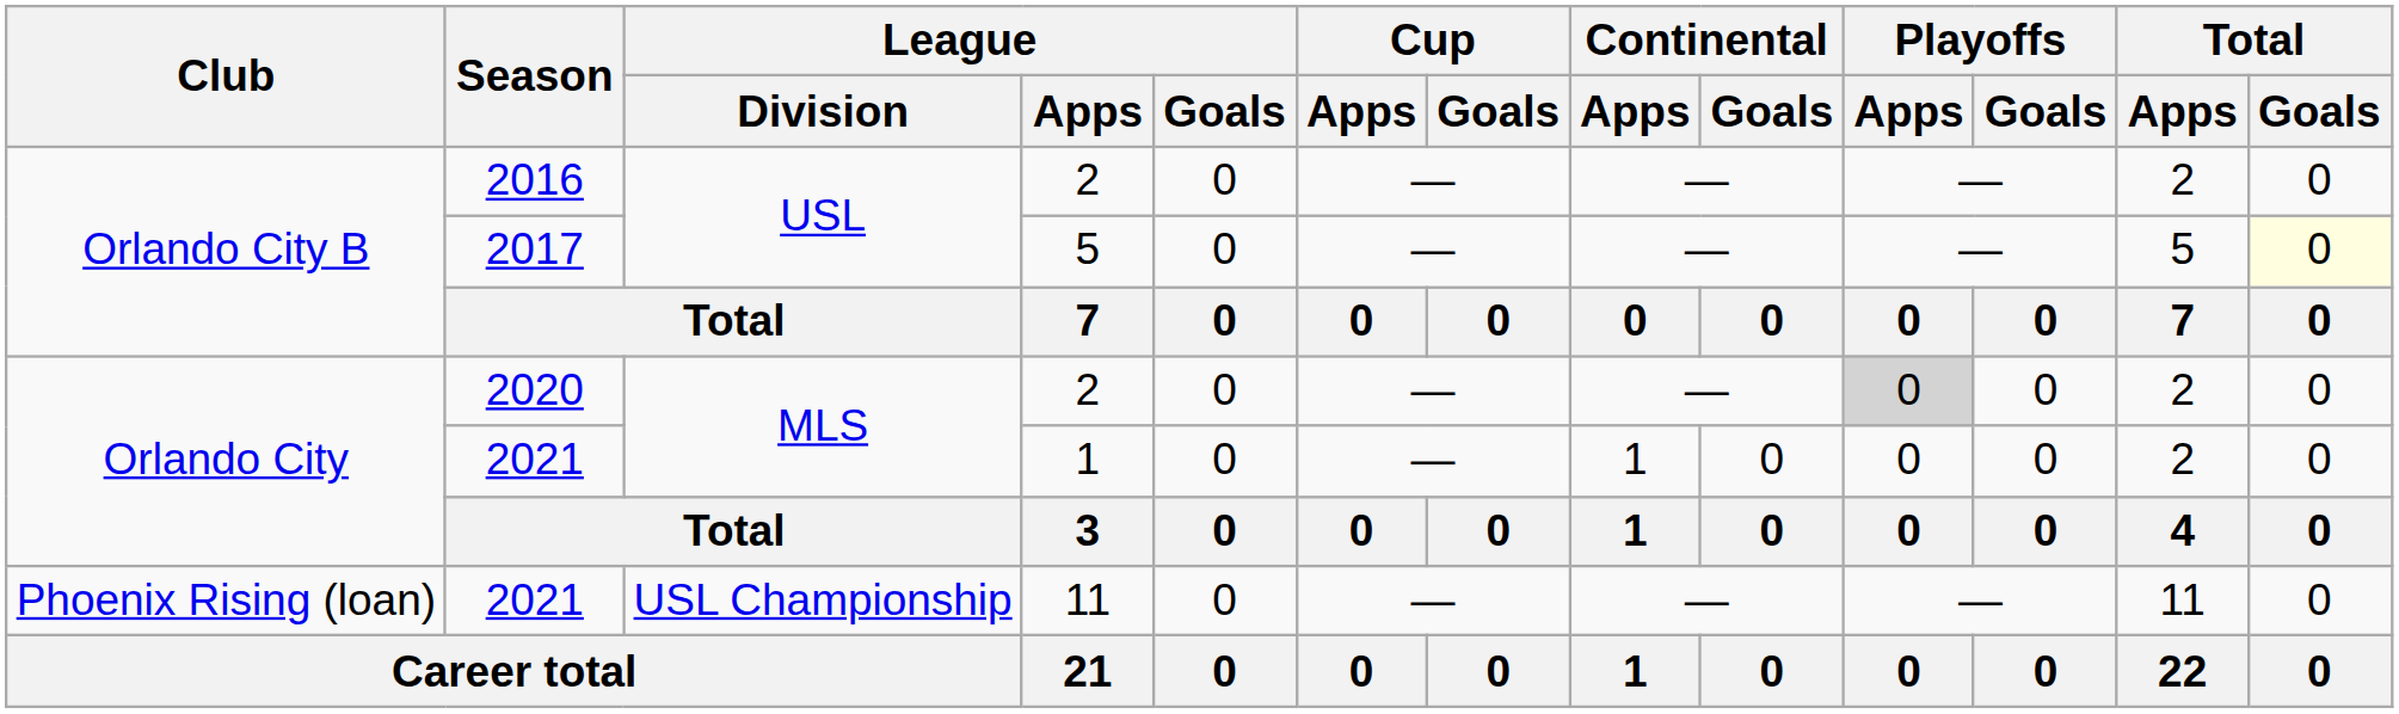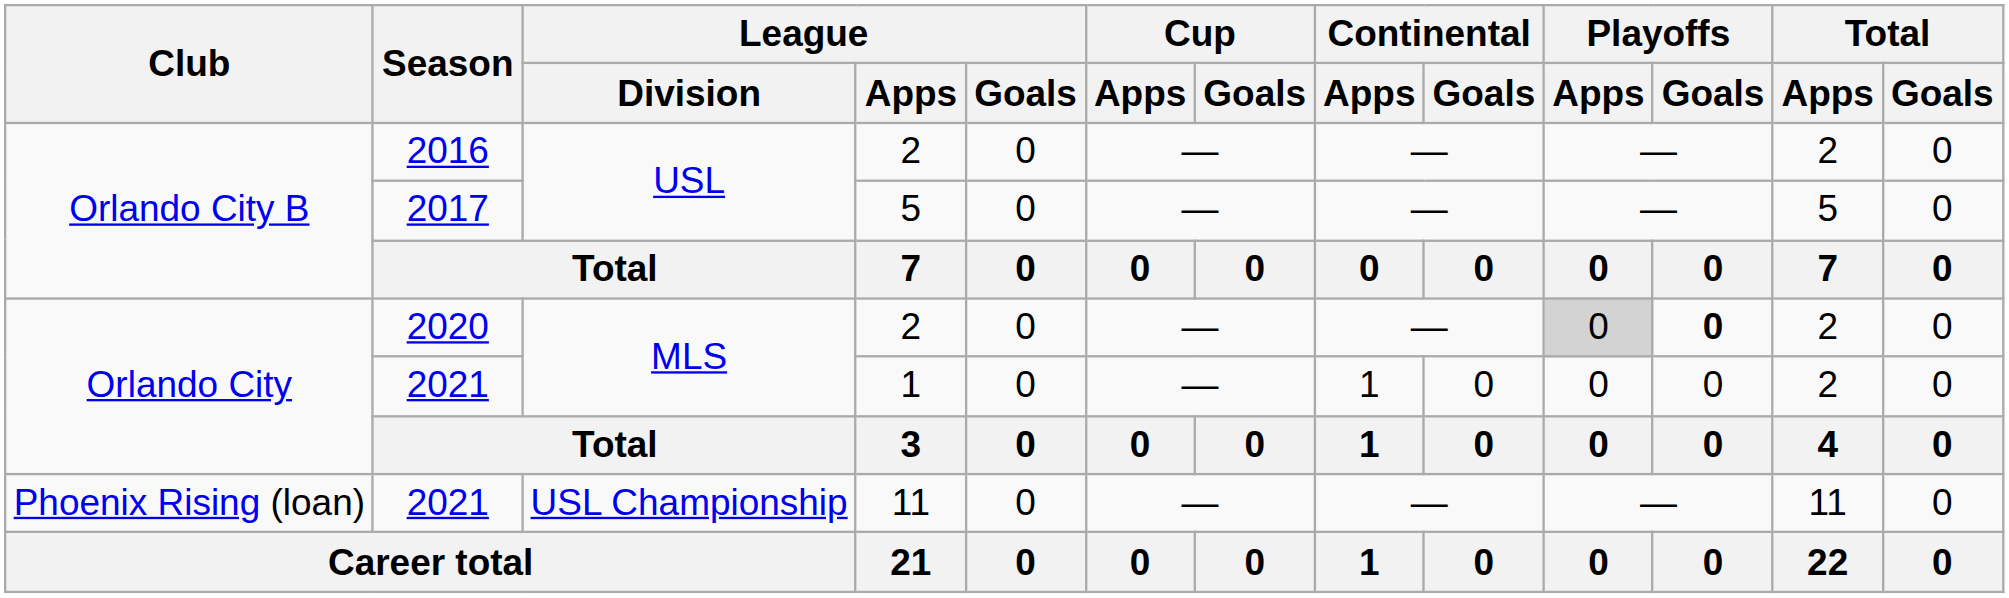 <table class="wikitable" style="text-align:center;">
 <tr>
 <th rowspan="2">Club</th>
 <th rowspan="2">Season</th>
 <th colspan="3">League</th>
 <th colspan="2">Cup</th>
 <th colspan="2">Continental</th>
 <th colspan="2">Playoffs</th>
 <th colspan="2">Total</th>
 </tr>
 <tr>
 <th>Division</th>
 <th>Apps</th>
 <th>Goals</th>
 <th>Apps</th>
 <th>Goals</th>
 <th>Apps</th>
 <th>Goals</th>
 <th>Apps</th>
 <th>Goals</th>
 <th>Apps</th>
 <th>Goals</th>
 </tr>
 <tr>
 <td rowspan="3"><a href='#'>Orlando City B</a></td>
 <td><a href='#'>2016</a></td>
 <td rowspan="2"><a href='#'>USL</a></td>
 <td>2</td>
 <td>0</td>
 <td colspan="2">—</td>
 <td colspan="2">—</td>
 <td colspan="2">—</td>
 <td>2</td>
 <td>0</td>
 </tr>
 <tr>
 <td><a href='#'>2017</a></td>
 <td>5</td>
 <td>0</td>
 <td colspan="2">—</td>
 <td colspan="2">—</td>
 <td colspan="2">—</td>
 <td>5</td>
-<td style="background: lightyellow;">0</td>
+<td>0</td>
 </tr>
 <tr>
 <th colspan="2">Total</th>
 <th>7</th>
 <th>0</th>
 <th>0</th>
 <th>0</th>
 <th>0</th>
 <th>0</th>
 <th>0</th>
 <th>0</th>
 <th>7</th>
 <th>0</th>
 </tr>
 <tr>
 <td rowspan="3"><a href='#'>Orlando City</a></td>
 <td><a href='#'>2020</a></td>
 <td rowspan="2"><a href='#'>MLS</a></td>
 <td>2</td>
 <td>0</td>
 <td colspan="2">—</td>
 <td colspan="2">—</td>
 <td style="background: lightgrey;">0</td>
-<td>0</td>
+<td><strong>0</strong></td>
 <td>2</td>
 <td>0</td>
 </tr>
 <tr>
 <td><a href='#'>2021</a></td>
 <td>1</td>
 <td>0</td>
 <td colspan="2">—</td>
 <td>1</td>
 <td>0</td>
 <td>0</td>
 <td>0</td>
 <td>2</td>
 <td>0</td>
 </tr>
 <tr>
 <th colspan="2">Total</th>
 <th>3</th>
 <th>0</th>
 <th>0</th>
 <th>0</th>
 <th>1</th>
 <th>0</th>
 <th>0</th>
 <th>0</th>
 <th>4</th>
 <th>0</th>
 </tr>
 <tr>
 <td><a href='#'>Phoenix Rising</a> (loan)</td>
 <td><a href='#'>2021</a></td>
 <td><a href='#'>USL Championship</a></td>
 <td>11</td>
 <td>0</td>
 <td colspan="2">—</td>
 <td colspan="2">—</td>
 <td colspan="2">—</td>
 <td>11</td>
 <td>0</td>
 </tr>
 <tr>
 <th colspan="3">Career total</th>
 <th>21</th>
 <th>0</th>
 <th>0</th>
 <th>0</th>
 <th>1</th>
 <th>0</th>
 <th>0</th>
 <th>0</th>
 <th>22</th>
 <th>0</th>
 </tr>
 </table>
